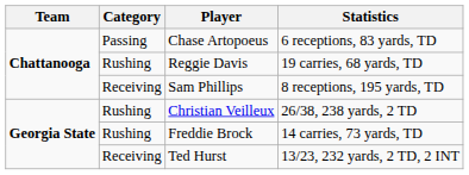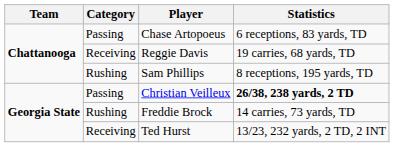 <table class="wikitable" style="float: right;">
 <tr>
 <th>Team</th>
 <th>Category</th>
 <th>Player</th>
 <th>Statistics</th>
 </tr>
 <tr>
 <td rowspan=3><strong>Chattanooga</strong></td>
 <td>Passing</td>
 <td>Chase Artopoeus</td>
 <td>6 receptions, 83 yards, TD</td>
 </tr>
 <tr>
-<td>Rushing</td>
+<td>Receiving</td>
 <td>Reggie Davis</td>
 <td>19 carries, 68 yards, TD</td>
 </tr>
 <tr>
-<td>Receiving</td>
+<td>Rushing</td>
 <td>Sam Phillips</td>
 <td>8 receptions, 195 yards, TD</td>
 </tr>
 <tr>
 <td rowspan=3><strong>Georgia State</strong></td>
-<td>Rushing</td>
+<td>Passing</td>
 <td><a href='#'>Christian Veilleux</a></td>
-<td>26/38, 238 yards, 2 TD</td>
+<td><strong>26/38, 238 yards, 2 TD</strong></td>
 </tr>
 <tr>
 <td>Rushing</td>
 <td>Freddie Brock</td>
 <td>14 carries, 73 yards, TD</td>
 </tr>
 <tr>
 <td>Receiving</td>
 <td>Ted Hurst</td>
 <td>13/23, 232 yards, 2 TD, 2 INT</td>
 </tr>
 </table>
